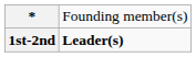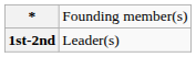 <table class="wikitable">
 <tr>
 <th>*</th>
 <td>Founding member(s)</td>
 </tr>
 <tr>
 <th><strong>1st-2nd</strong></th>
-<td><strong>Leader(s)</strong></td>
+<td>Leader(s)</td>
 </tr>
 </table>
